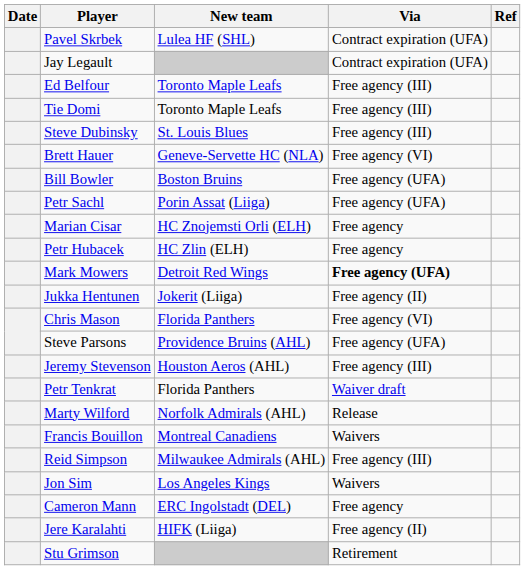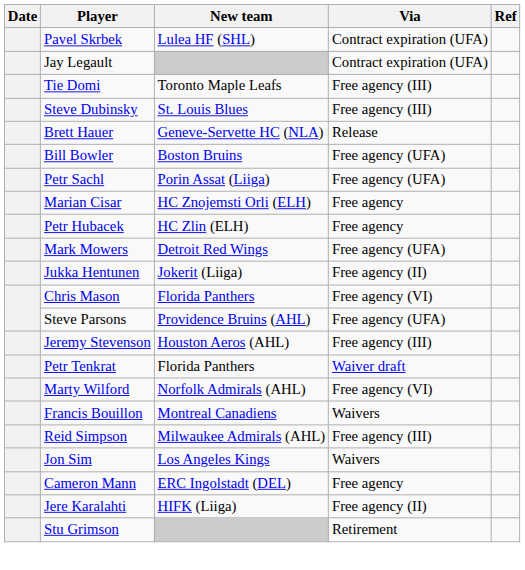 <table class="wikitable plainrowheaders">
 <tr style="background:#ddd; text-align:center;">
 <th>Date</th>
 <th>Player</th>
 <th>New team</th>
 <th>Via</th>
 <th>Ref</th>
 </tr>
 <tr>
 <th scope="row"></th>
 <td><a href='#'>Pavel Skrbek</a></td>
 <td><a href='#'>Lulea HF</a> (<a href='#'>SHL</a>)</td>
 <td>Contract expiration (UFA)</td>
 <td></td>
 </tr>
 <tr>
 <th scope="row"></th>
 <td>Jay Legault</td>
 <td style="background:#ccc"></td>
 <td>Contract expiration (UFA)</td>
 <td></td>
 </tr>
 <tr>
 <th scope="row"></th>
-<td><a href='#'>Ed Belfour</a></td>
-<td><a href='#'>Toronto Maple Leafs</a></td>
-<td>Free agency (III)</td>
-<td></td>
-</tr>
-<tr>
-<th scope="row"></th>
 <td><a href='#'>Tie Domi</a></td>
 <td>Toronto Maple Leafs</td>
 <td>Free agency (III)</td>
 <td></td>
 </tr>
 <tr>
 <th scope="row"></th>
 <td><a href='#'>Steve Dubinsky</a></td>
 <td><a href='#'>St. Louis Blues</a></td>
 <td>Free agency (III)</td>
 <td></td>
 </tr>
 <tr>
 <th scope="row"></th>
 <td><a href='#'>Brett Hauer</a></td>
 <td><a href='#'>Geneve-Servette HC</a> (<a href='#'>NLA</a>)</td>
-<td>Free agency (VI)</td>
+<td>Release</td>
 <td></td>
 </tr>
 <tr>
 <th scope="row"></th>
 <td><a href='#'>Bill Bowler</a></td>
 <td><a href='#'>Boston Bruins</a></td>
 <td>Free agency (UFA)</td>
 <td></td>
 </tr>
 <tr>
 <th scope="row"></th>
 <td><a href='#'>Petr Sachl</a></td>
 <td><a href='#'>Porin Assat</a> (<a href='#'>Liiga</a>)</td>
 <td>Free agency (UFA)</td>
 <td></td>
 </tr>
 <tr>
 <th scope="row"></th>
 <td><a href='#'>Marian Cisar</a></td>
 <td><a href='#'>HC Znojemsti Orli</a> (<a href='#'>ELH</a>)</td>
 <td>Free agency</td>
 <td></td>
 </tr>
 <tr>
 <th scope="row"></th>
 <td><a href='#'>Petr Hubacek</a></td>
 <td><a href='#'>HC Zlin</a> (ELH)</td>
 <td>Free agency</td>
 <td></td>
 </tr>
 <tr>
 <th scope="row"></th>
 <td><a href='#'>Mark Mowers</a></td>
 <td><a href='#'>Detroit Red Wings</a></td>
-<td><strong>Free agency (UFA)</strong></td>
+<td>Free agency (UFA)</td>
 <td></td>
 </tr>
 <tr>
 <th scope="row"></th>
 <td><a href='#'>Jukka Hentunen</a></td>
 <td><a href='#'>Jokerit</a> (Liiga)</td>
 <td>Free agency (II)</td>
 <td></td>
 </tr>
 <tr>
 <th scope="row" rowspan=2></th>
 <td><a href='#'>Chris Mason</a></td>
 <td><a href='#'>Florida Panthers</a></td>
 <td>Free agency (VI)</td>
 <td></td>
 </tr>
 <tr>
 <td>Steve Parsons</td>
 <td><a href='#'>Providence Bruins</a> (<a href='#'>AHL</a>)</td>
 <td>Free agency (UFA)</td>
 <td></td>
 </tr>
 <tr>
 <th scope="row"></th>
 <td><a href='#'>Jeremy Stevenson</a></td>
 <td><a href='#'>Houston Aeros</a> (AHL)</td>
 <td>Free agency (III)</td>
 <td></td>
 </tr>
 <tr>
 <th scope="row"></th>
 <td><a href='#'>Petr Tenkrat</a></td>
 <td>Florida Panthers</td>
 <td><a href='#'>Waiver draft</a></td>
 <td></td>
 </tr>
 <tr>
 <th scope="row"></th>
 <td><a href='#'>Marty Wilford</a></td>
 <td><a href='#'>Norfolk Admirals</a> (AHL)</td>
-<td>Release</td>
+<td>Free agency (VI)</td>
 <td></td>
 </tr>
 <tr>
 <th scope="row"></th>
 <td><a href='#'>Francis Bouillon</a></td>
 <td><a href='#'>Montreal Canadiens</a></td>
 <td>Waivers</td>
 <td></td>
 </tr>
 <tr>
 <th scope="row"></th>
 <td><a href='#'>Reid Simpson</a></td>
 <td><a href='#'>Milwaukee Admirals</a> (AHL)</td>
 <td>Free agency (III)</td>
 <td></td>
 </tr>
 <tr>
 <th scope="row"></th>
 <td><a href='#'>Jon Sim</a></td>
 <td><a href='#'>Los Angeles Kings</a></td>
 <td>Waivers</td>
 <td></td>
 </tr>
 <tr>
 <th scope="row"></th>
 <td><a href='#'>Cameron Mann</a></td>
 <td><a href='#'>ERC Ingolstadt</a> (<a href='#'>DEL</a>)</td>
 <td>Free agency</td>
 <td></td>
 </tr>
 <tr>
 <th scope="row"></th>
 <td><a href='#'>Jere Karalahti</a></td>
 <td><a href='#'>HIFK</a> (Liiga)</td>
 <td>Free agency (II)</td>
 <td></td>
 </tr>
 <tr>
 <th scope="row"></th>
 <td><a href='#'>Stu Grimson</a></td>
 <td style="background:#ccc"></td>
 <td>Retirement</td>
 <td></td>
 </tr>
 </table>
